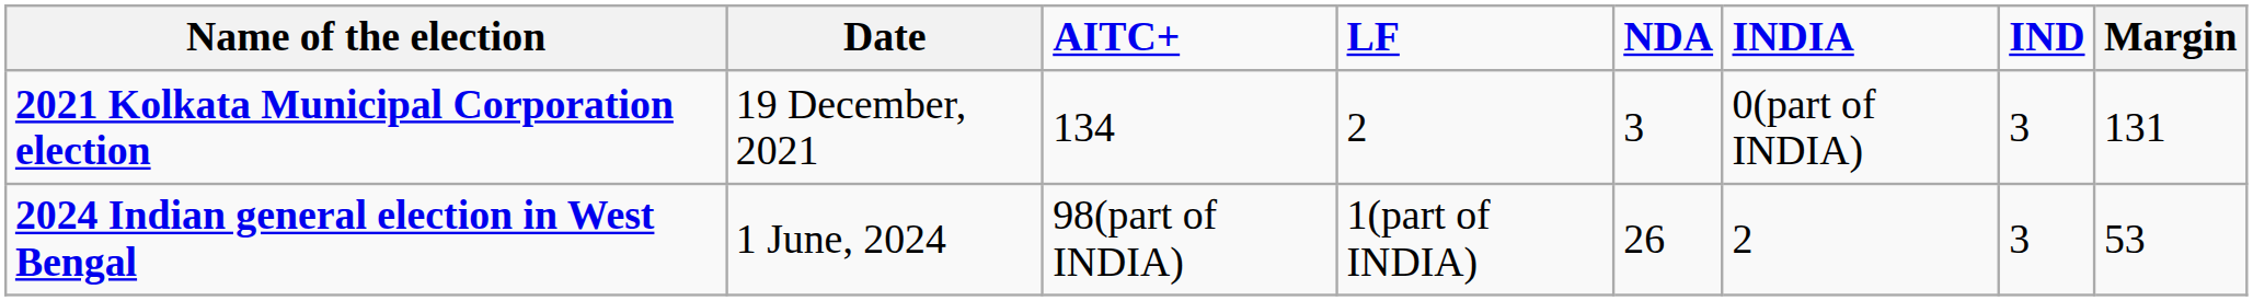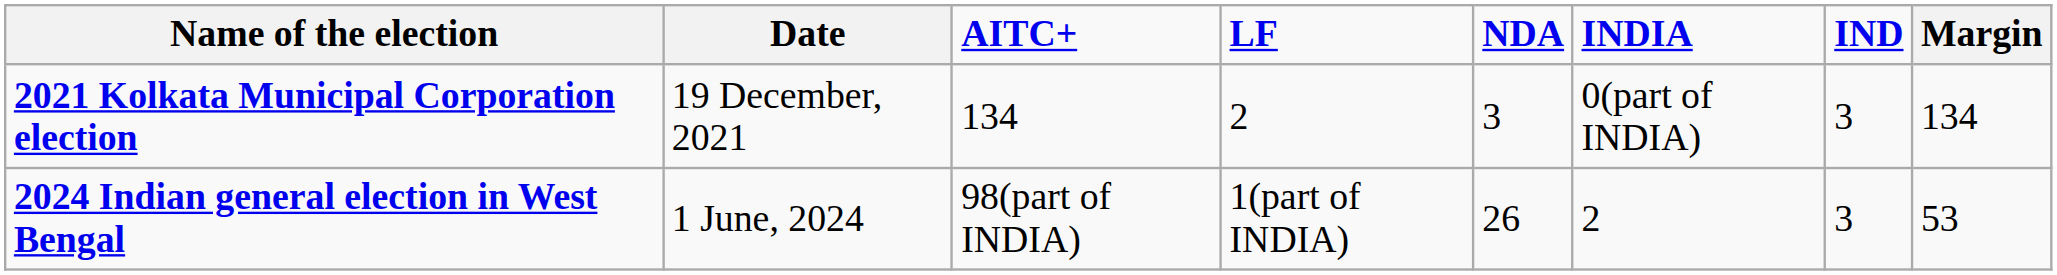 <table class="wikitable">
 <tr>
 <th>Name of the election</th>
 <th>Date</th>
 <td><a href='#'><span><strong>AITC+</strong></span></a></td>
 <td bgcolor=><a href='#'><span><strong>LF</strong></span></a></td>
 <td><a href='#'><span><strong>NDA</strong></span></a></td>
 <td bgcolor=><a href='#'><span><strong>INDIA</strong></span></a></td>
 <td bgcolor=><a href='#'><span><strong>IND</strong></span></a></td>
 <th>Margin</th>
 </tr>
 <tr>
 <td><strong><a href='#'>2021 Kolkata Municipal Corporation election</a></strong></td>
 <td>19 December, 2021</td>
 <td>134</td>
 <td>2</td>
 <td>3</td>
 <td>0(part of INDIA)</td>
 <td>3</td>
-<td>131</td>
+<td>134</td>
 </tr>
 <tr>
 <td><strong><a href='#'>2024 Indian general election in West Bengal</a></strong></td>
 <td>1 June, 2024</td>
 <td>98(part of INDIA)</td>
 <td>1(part of INDIA)</td>
 <td>26</td>
 <td>2</td>
 <td>3</td>
 <td>53</td>
 </tr>
 </table>
